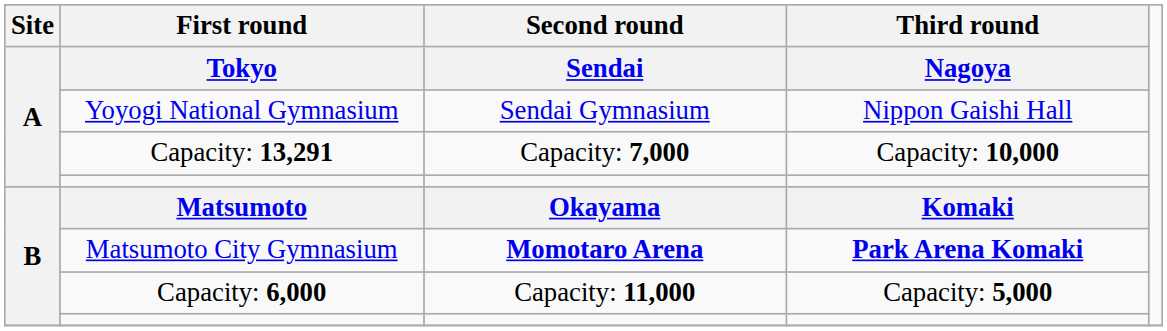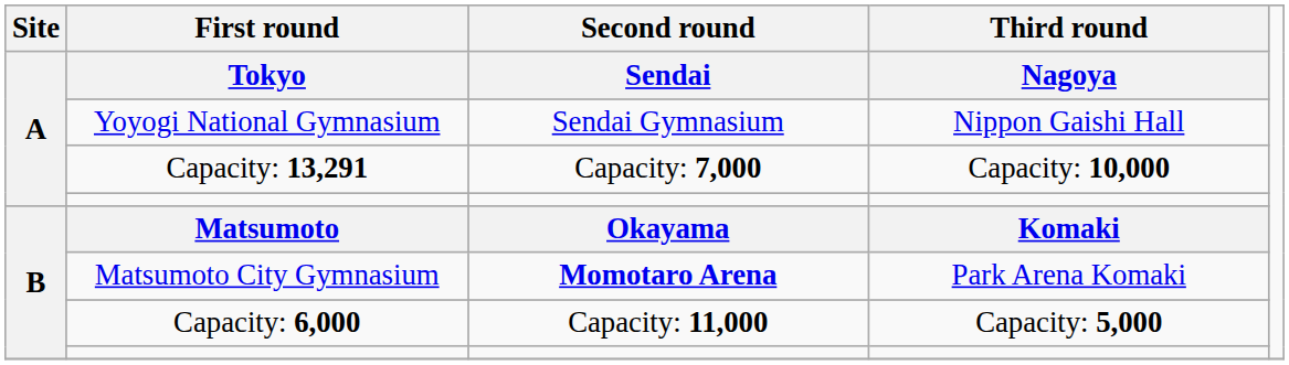 <table class="wikitable" style=text-align:center>
 <tr>
 <th>Site</th>
 <th width=210>First round</th>
 <th width=210>Second round</th>
 <th width=210>Third round</th>
 <td rowspan=9></td>
 </tr>
 <tr>
 <th scope=row rowspan=4>A</th>
 <th><a href='#'>Tokyo</a></th>
 <th><a href='#'>Sendai</a></th>
 <th><a href='#'>Nagoya</a></th>
 </tr>
 <tr>
 <td><a href='#'>Yoyogi National Gymnasium</a></td>
 <td><a href='#'>Sendai Gymnasium</a></td>
 <td><a href='#'>Nippon Gaishi Hall</a></td>
 </tr>
 <tr>
 <td>Capacity: <strong>13,291</strong></td>
 <td>Capacity: <strong>7,000</strong></td>
 <td>Capacity: <strong>10,000</strong></td>
 </tr>
 <tr>
 <td></td>
 <td></td>
 <td></td>
 </tr>
 <tr>
 <th scope="row" rowspan=4>B</th>
 <th><a href='#'>Matsumoto</a></th>
 <th><a href='#'>Okayama</a></th>
 <th><a href='#'>Komaki</a></th>
 </tr>
 <tr>
 <td><a href='#'>Matsumoto City Gymnasium</a></td>
 <td><strong><a href='#'>Momotaro Arena</a></strong></td>
-<td><strong><a href='#'>Park Arena Komaki</a></strong></td>
+<td><a href='#'>Park Arena Komaki</a></td>
 </tr>
 <tr>
 <td>Capacity: <strong>6,000</strong></td>
 <td>Capacity: <strong>11,000</strong></td>
 <td>Capacity: <strong>5,000</strong></td>
 </tr>
 <tr>
 <td></td>
 <td></td>
 <td></td>
 </tr>
 <tr>
 </tr>
 </table>
